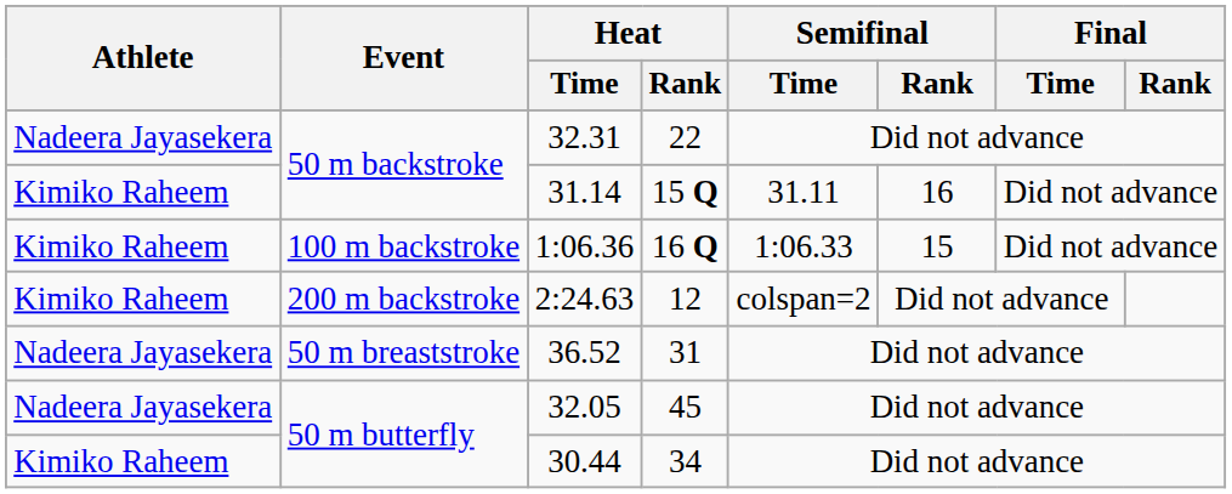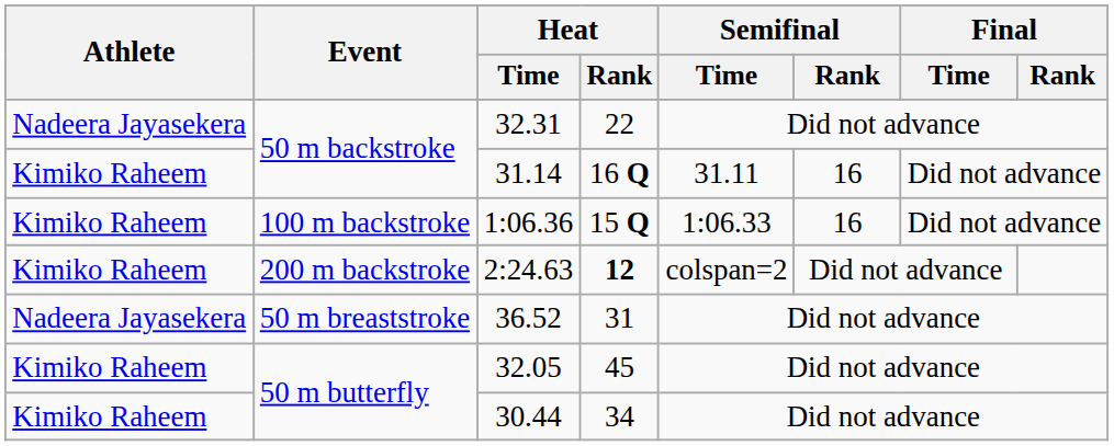 <table class=wikitable style=font-size:90%>
 <tr>
 <th rowspan=2>Athlete</th>
 <th rowspan=2>Event</th>
 <th colspan=2>Heat</th>
 <th colspan=2>Semifinal</th>
 <th colspan=2>Final</th>
 </tr>
 <tr style=font-size:95%>
 <th>Time</th>
 <th>Rank</th>
 <th>Time</th>
 <th>Rank</th>
 <th>Time</th>
 <th>Rank</th>
 </tr>
 <tr align=center>
 <td align=left><a href='#'>Nadeera Jayasekera</a></td>
 <td align=left rowspan=2><a href='#'>50 m backstroke</a></td>
 <td>32.31</td>
 <td>22</td>
 <td colspan=4>Did not advance</td>
 </tr>
 <tr align=center>
 <td align=left><a href='#'>Kimiko Raheem</a></td>
 <td>31.14</td>
-<td>15 <strong>Q</strong></td>
+<td>16 <strong>Q</strong></td>
 <td>31.11</td>
 <td>16</td>
 <td colspan=2>Did not advance</td>
 </tr>
 <tr align=center>
 <td align=left><a href='#'>Kimiko Raheem</a></td>
 <td align=left><a href='#'>100 m backstroke</a></td>
 <td>1:06.36</td>
-<td>16 <strong>Q</strong></td>
+<td>15 <strong>Q</strong></td>
 <td>1:06.33</td>
-<td>15</td>
+<td>16</td>
 <td colspan=2>Did not advance</td>
 </tr>
 <tr align=center>
 <td align=left><a href='#'>Kimiko Raheem</a></td>
 <td align=left><a href='#'>200 m backstroke</a></td>
 <td>2:24.63</td>
-<td>12</td>
+<td><strong>12</strong></td>
 <td>colspan=2 </td>
 <td colspan=2>Did not advance</td>
 </tr>
 <tr align=center>
 <td align=left><a href='#'>Nadeera Jayasekera</a></td>
 <td align=left><a href='#'>50 m breaststroke</a></td>
 <td>36.52</td>
 <td>31</td>
 <td colspan=4>Did not advance</td>
 </tr>
 <tr align=center>
-<td align=left><a href='#'>Nadeera Jayasekera</a></td>
+<td align=left><a href='#'>Kimiko Raheem</a></td>
 <td align=left rowspan=2><a href='#'>50 m butterfly</a></td>
 <td>32.05</td>
 <td>45</td>
 <td colspan=4>Did not advance</td>
 </tr>
 <tr align=center>
 <td align=left><a href='#'>Kimiko Raheem</a></td>
 <td>30.44</td>
 <td>34</td>
 <td colspan=4>Did not advance</td>
 </tr>
 </table>
